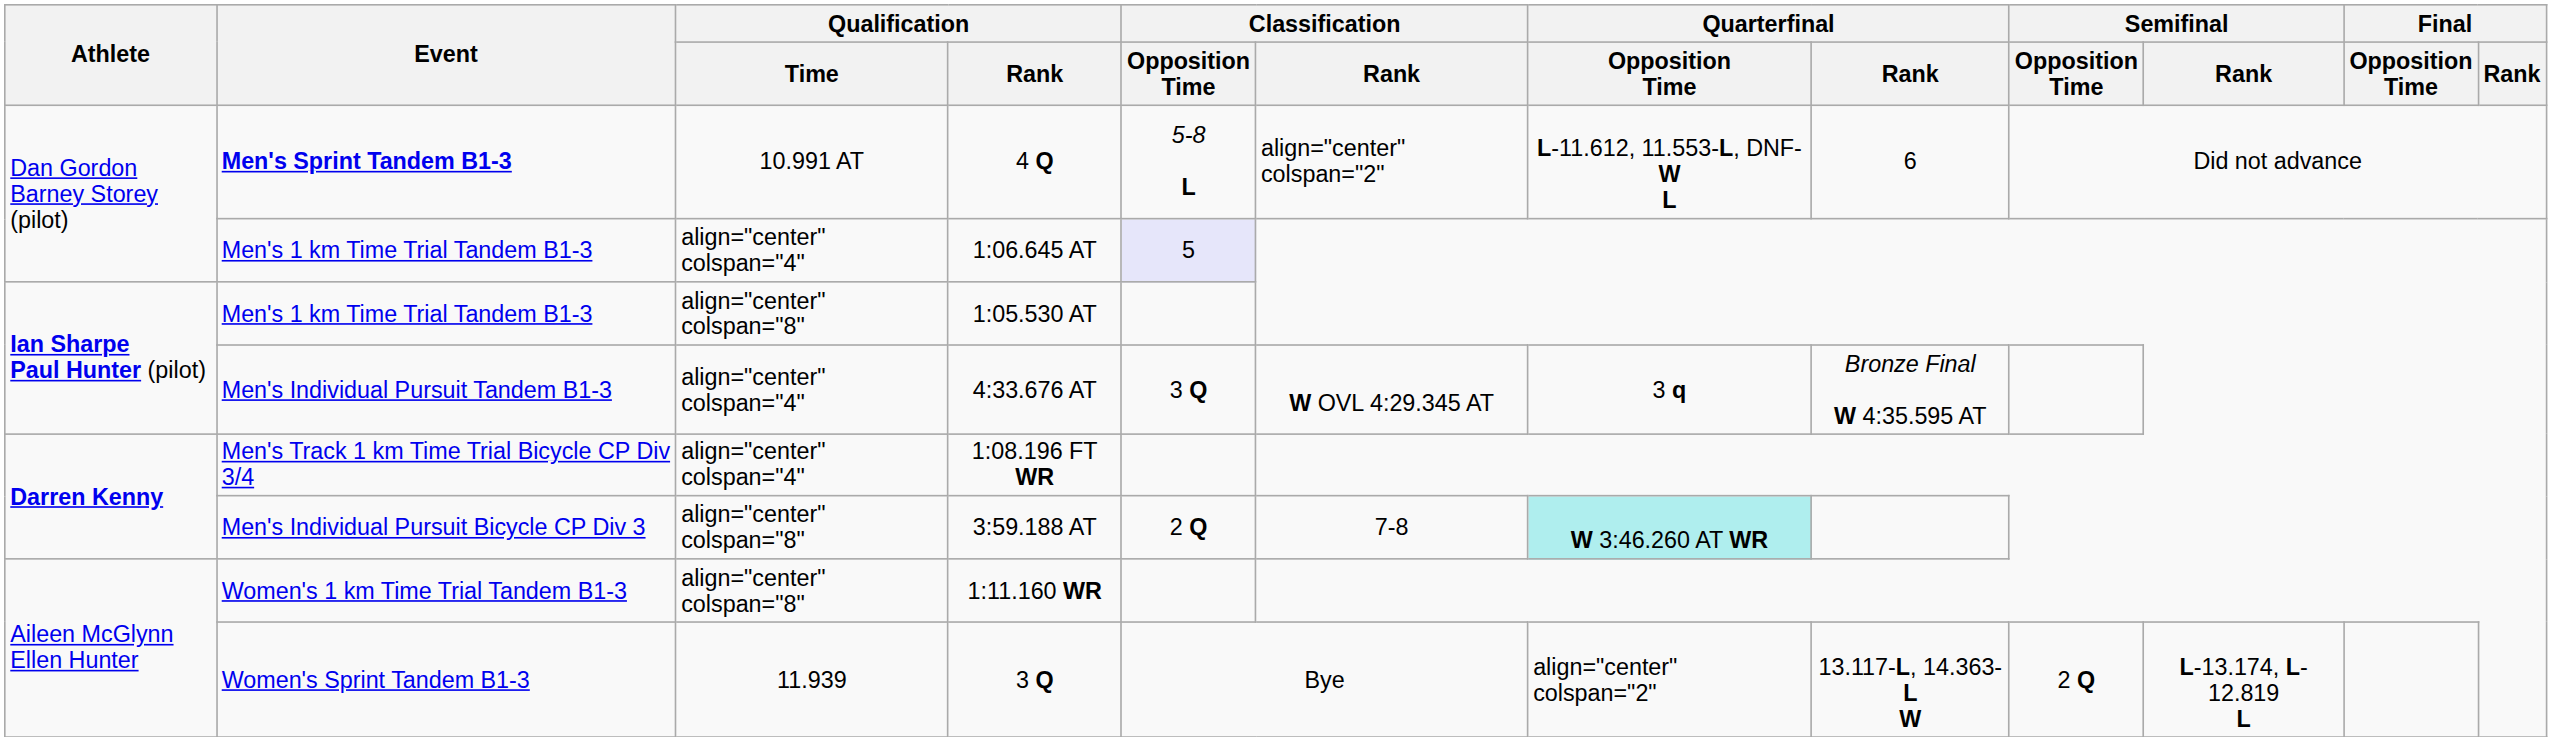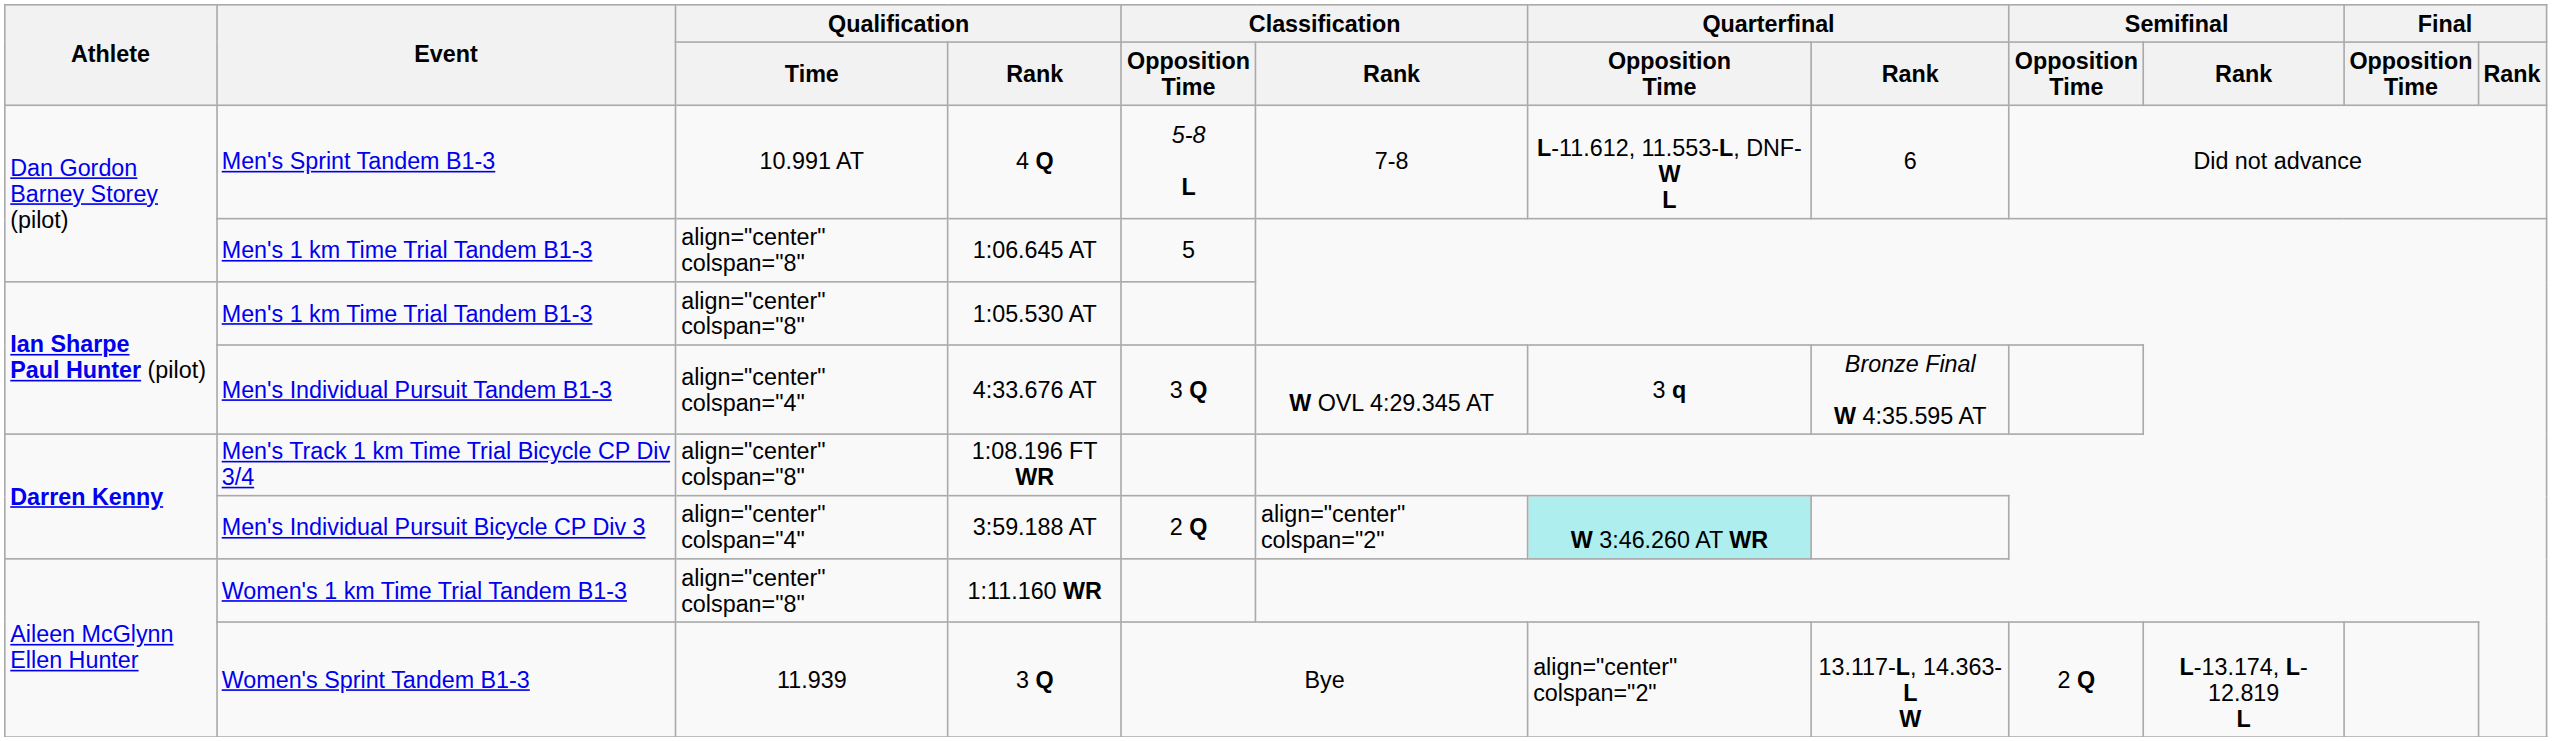 <table class=wikitable style="font-size:90%">
 <tr>
 <th rowspan="2">Athlete</th>
 <th rowspan="2">Event</th>
 <th colspan="2">Qualification</th>
 <th colspan="2">Classification</th>
 <th colspan="2">Quarterfinal</th>
 <th colspan="2">Semifinal</th>
 <th colspan="2">Final</th>
 </tr>
 <tr>
 <th>Time</th>
 <th>Rank</th>
 <th>Opposition<br>Time</th>
 <th>Rank</th>
 <th>Opposition<br>Time</th>
 <th>Rank</th>
 <th>Opposition<br>Time</th>
 <th>Rank</th>
 <th>Opposition<br>Time</th>
 <th>Rank</th>
 </tr>
 <tr>
 <td rowspan="2"><a href='#'>Dan Gordon</a><br> <a href='#'>Barney Storey</a> (pilot)</td>
-<td><strong><a href='#'>Men's Sprint Tandem B1-3</a></strong></td>
+<td><a href='#'>Men's Sprint Tandem B1-3</a></td>
 <td align="center">10.991 AT</td>
 <td align="center">4 <strong>Q</strong></td>
 <td align="center"><em>5-8</em><br><br> <strong>L</strong></td>
-<td>align="center" colspan="2" </td>
+<td align="center">7-8</td>
 <td align="center"><br> <strong>L</strong>-11.612, 11.553-<strong>L</strong>, DNF-<strong>W</strong><br><strong>L</strong></td>
 <td align="center">6</td>
 <td align="center" colspan="4">Did not advance</td>
 </tr>
 <tr>
 <td><a href='#'>Men's 1 km Time Trial Tandem B1-3</a></td>
-<td>align="center" colspan="4" </td>
+<td>align="center" colspan="8" </td>
 <td align="center">1:06.645 AT</td>
-<td align="center" style="background: lavender;">5</td>
+<td align="center">5</td>
 </tr>
 <tr>
 <td rowspan="2"><strong><a href='#'>Ian Sharpe</a></strong><br> <strong><a href='#'>Paul Hunter</a></strong> (pilot)</td>
 <td><a href='#'>Men's 1 km Time Trial Tandem B1-3</a></td>
 <td>align="center" colspan="8" </td>
 <td align="center">1:05.530 AT</td>
 <td align="center"></td>
 </tr>
 <tr>
 <td><a href='#'>Men's Individual Pursuit Tandem B1-3</a></td>
 <td>align="center" colspan="4" </td>
 <td align="center">4:33.676 AT</td>
 <td align="center">3 <strong>Q</strong></td>
 <td align="center"><br> <strong>W</strong> OVL 4:29.345 AT</td>
 <td align="center">3 <strong>q</strong></td>
 <td align="center"><em>Bronze Final</em><br> <br> <strong>W</strong> 4:35.595 AT</td>
 <td align="center"></td>
 </tr>
 <tr>
 <td rowspan="2"><strong><a href='#'>Darren Kenny</a></strong></td>
 <td><a href='#'>Men's Track 1 km Time Trial Bicycle CP Div 3/4</a></td>
-<td>align="center" colspan="4" </td>
+<td>align="center" colspan="8" </td>
 <td align="center">1:08.196 FT <strong>WR</strong></td>
 <td align="center"></td>
 </tr>
 <tr>
 <td><a href='#'>Men's Individual Pursuit Bicycle CP Div 3</a></td>
-<td>align="center" colspan="8" </td>
+<td>align="center" colspan="4" </td>
 <td align="center">3:59.188 AT</td>
 <td align="center">2 <strong>Q</strong></td>
-<td align="center">7-8</td>
+<td>align="center" colspan="2" </td>
 <td align="center" style="background: paleturquoise;"><br> <strong>W</strong> 3:46.260 AT <strong>WR</strong></td>
 <td align="center"></td>
 </tr>
 <tr>
 <td rowspan="2"><a href='#'>Aileen McGlynn</a><br> <a href='#'>Ellen Hunter</a></td>
 <td><a href='#'>Women's 1 km Time Trial Tandem B1-3</a></td>
 <td>align="center" colspan="8" </td>
 <td align="center">1:11.160 <strong>WR</strong></td>
 <td align="center"></td>
 </tr>
 <tr>
 <td><a href='#'>Women's Sprint Tandem B1-3</a></td>
 <td align="center">11.939</td>
 <td align="center">3 <strong>Q</strong></td>
 <td align="center" colspan="2">Bye</td>
 <td>align="center" colspan="2" </td>
 <td align="center"><br> 13.117-<strong>L</strong>, 14.363-<strong>L</strong><br><strong>W</strong></td>
 <td align="center">2 <strong>Q</strong></td>
 <td align="center"><br> <strong>L</strong>-13.174, <strong>L</strong>-12.819<br><strong>L</strong></td>
 <td align="center"></td>
 </tr>
 </table>
